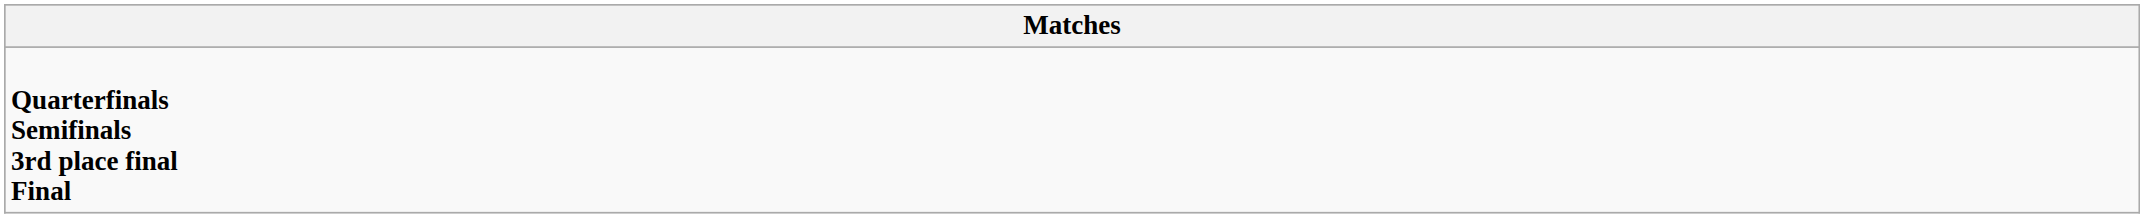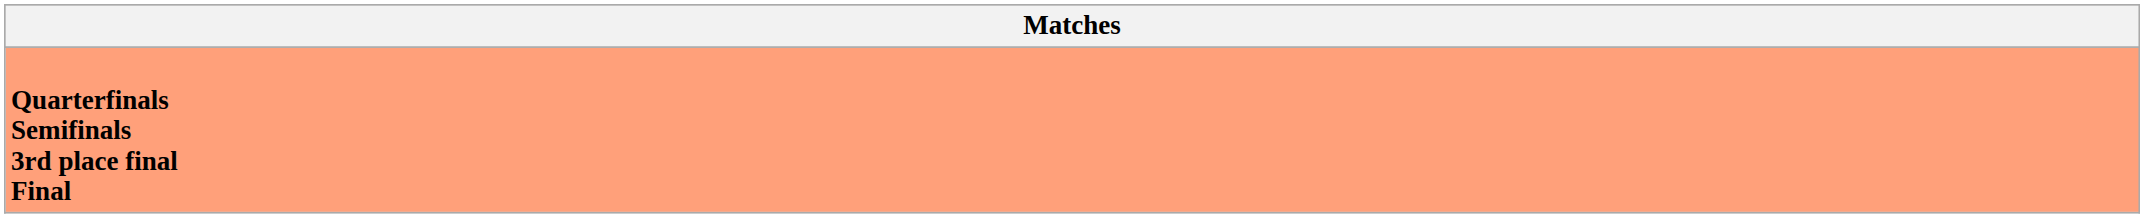 <table class="wikitable collapsible collapsed" style="width:100%;">
 <tr>
 <th>Matches</th>
 </tr>
 <tr>
-<td><br><strong>Quarterfinals</strong>    <br><strong>Semifinals</strong>  <br><strong>3rd place final</strong> <br><strong>Final</strong> </td>
+<td style="background: lightsalmon;"><br><strong>Quarterfinals</strong>    <br><strong>Semifinals</strong>  <br><strong>3rd place final</strong> <br><strong>Final</strong> </td>
 </tr>
 </table>
